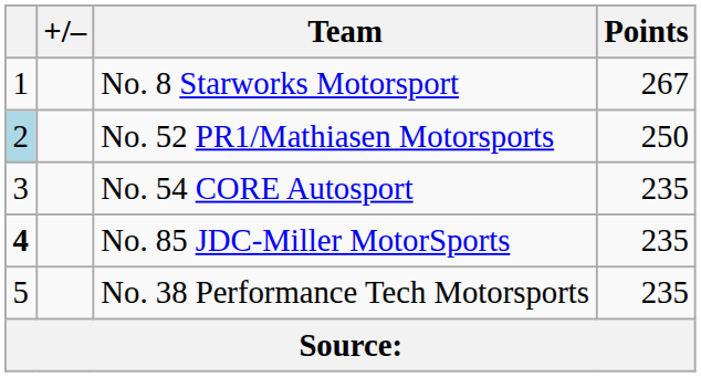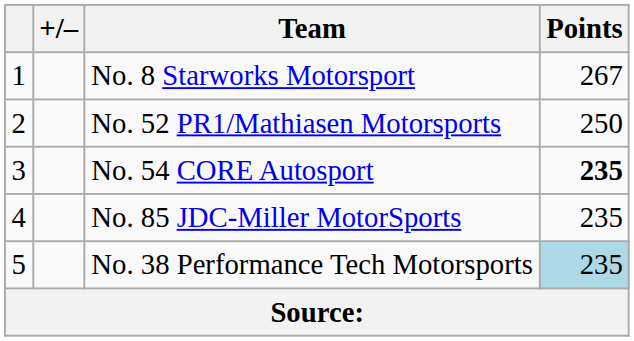 <table class="wikitable" style="font-size: 95%;">
 <tr>
 <th scope="col"></th>
 <th scope="col">+/–</th>
 <th scope="col">Team</th>
 <th scope="col">Points</th>
 </tr>
 <tr>
 <td align=center>1</td>
 <td align="left"></td>
 <td> No. 8 <a href='#'>Starworks Motorsport</a></td>
 <td align=right>267</td>
 </tr>
 <tr>
-<td align=center style="background: lightblue;">2</td>
+<td align=center>2</td>
 <td align="left"></td>
 <td> No. 52 <a href='#'>PR1/Mathiasen Motorsports</a></td>
 <td align=right>250</td>
 </tr>
 <tr>
 <td align=center>3</td>
 <td align="left"></td>
 <td> No. 54 <a href='#'>CORE Autosport</a></td>
-<td align=right>235</td>
+<td align=right><strong>235</strong></td>
 </tr>
 <tr>
-<td align=center><strong>4</strong></td>
+<td align=center>4</td>
 <td align="left"></td>
 <td> No. 85 <a href='#'>JDC-Miller MotorSports</a></td>
 <td align=right>235</td>
 </tr>
 <tr>
 <td align=center>5</td>
 <td align="left"></td>
 <td> No. 38 Performance Tech Motorsports</td>
-<td align=right>235</td>
+<td align=right style="background: lightblue;">235</td>
 </tr>
 <tr>
 <th colspan=5>Source:</th>
 </tr>
 </table>
